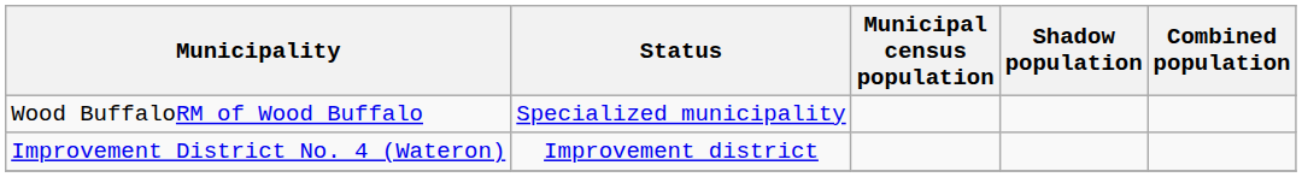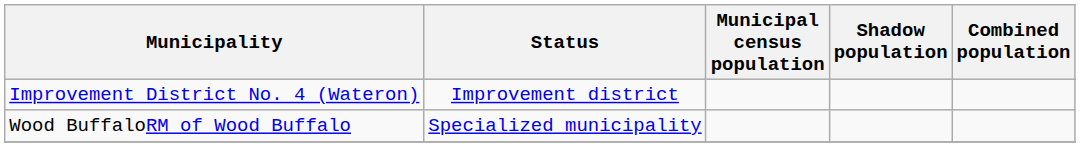 <table class="wikitable">
 <tr>
 <th>Municipality</th>
 <th>Status</th>
 <th>Municipal<br>census<br>population</th>
 <th>Shadow<br>population</th>
 <th>Combined<br>population</th>
 </tr>
 <tr>
+<td><a href='#'>Improvement District No. 4 (Wateron)</a></td>
+<td align=center><a href='#'>Improvement district</a></td>
+<td align=center></td>
+<td align=center></td>
+<td align=center></td>
+</tr>
+<tr>
 <td><span>Wood Buffalo</span><a href='#'>RM of Wood Buffalo</a></td>
 <td align=center><a href='#'>Specialized municipality</a></td>
 <td align=center></td>
 <td align=center></td>
 <td align=center></td>
 </tr>
 <tr>
-<td><a href='#'>Improvement District No. 4 (Wateron)</a></td>
-<td align=center><a href='#'>Improvement district</a></td>
-<td align=center></td>
-<td align=center></td>
-<td align=center></td>
-</tr>
-<tr>
 </tr>
 </table>
